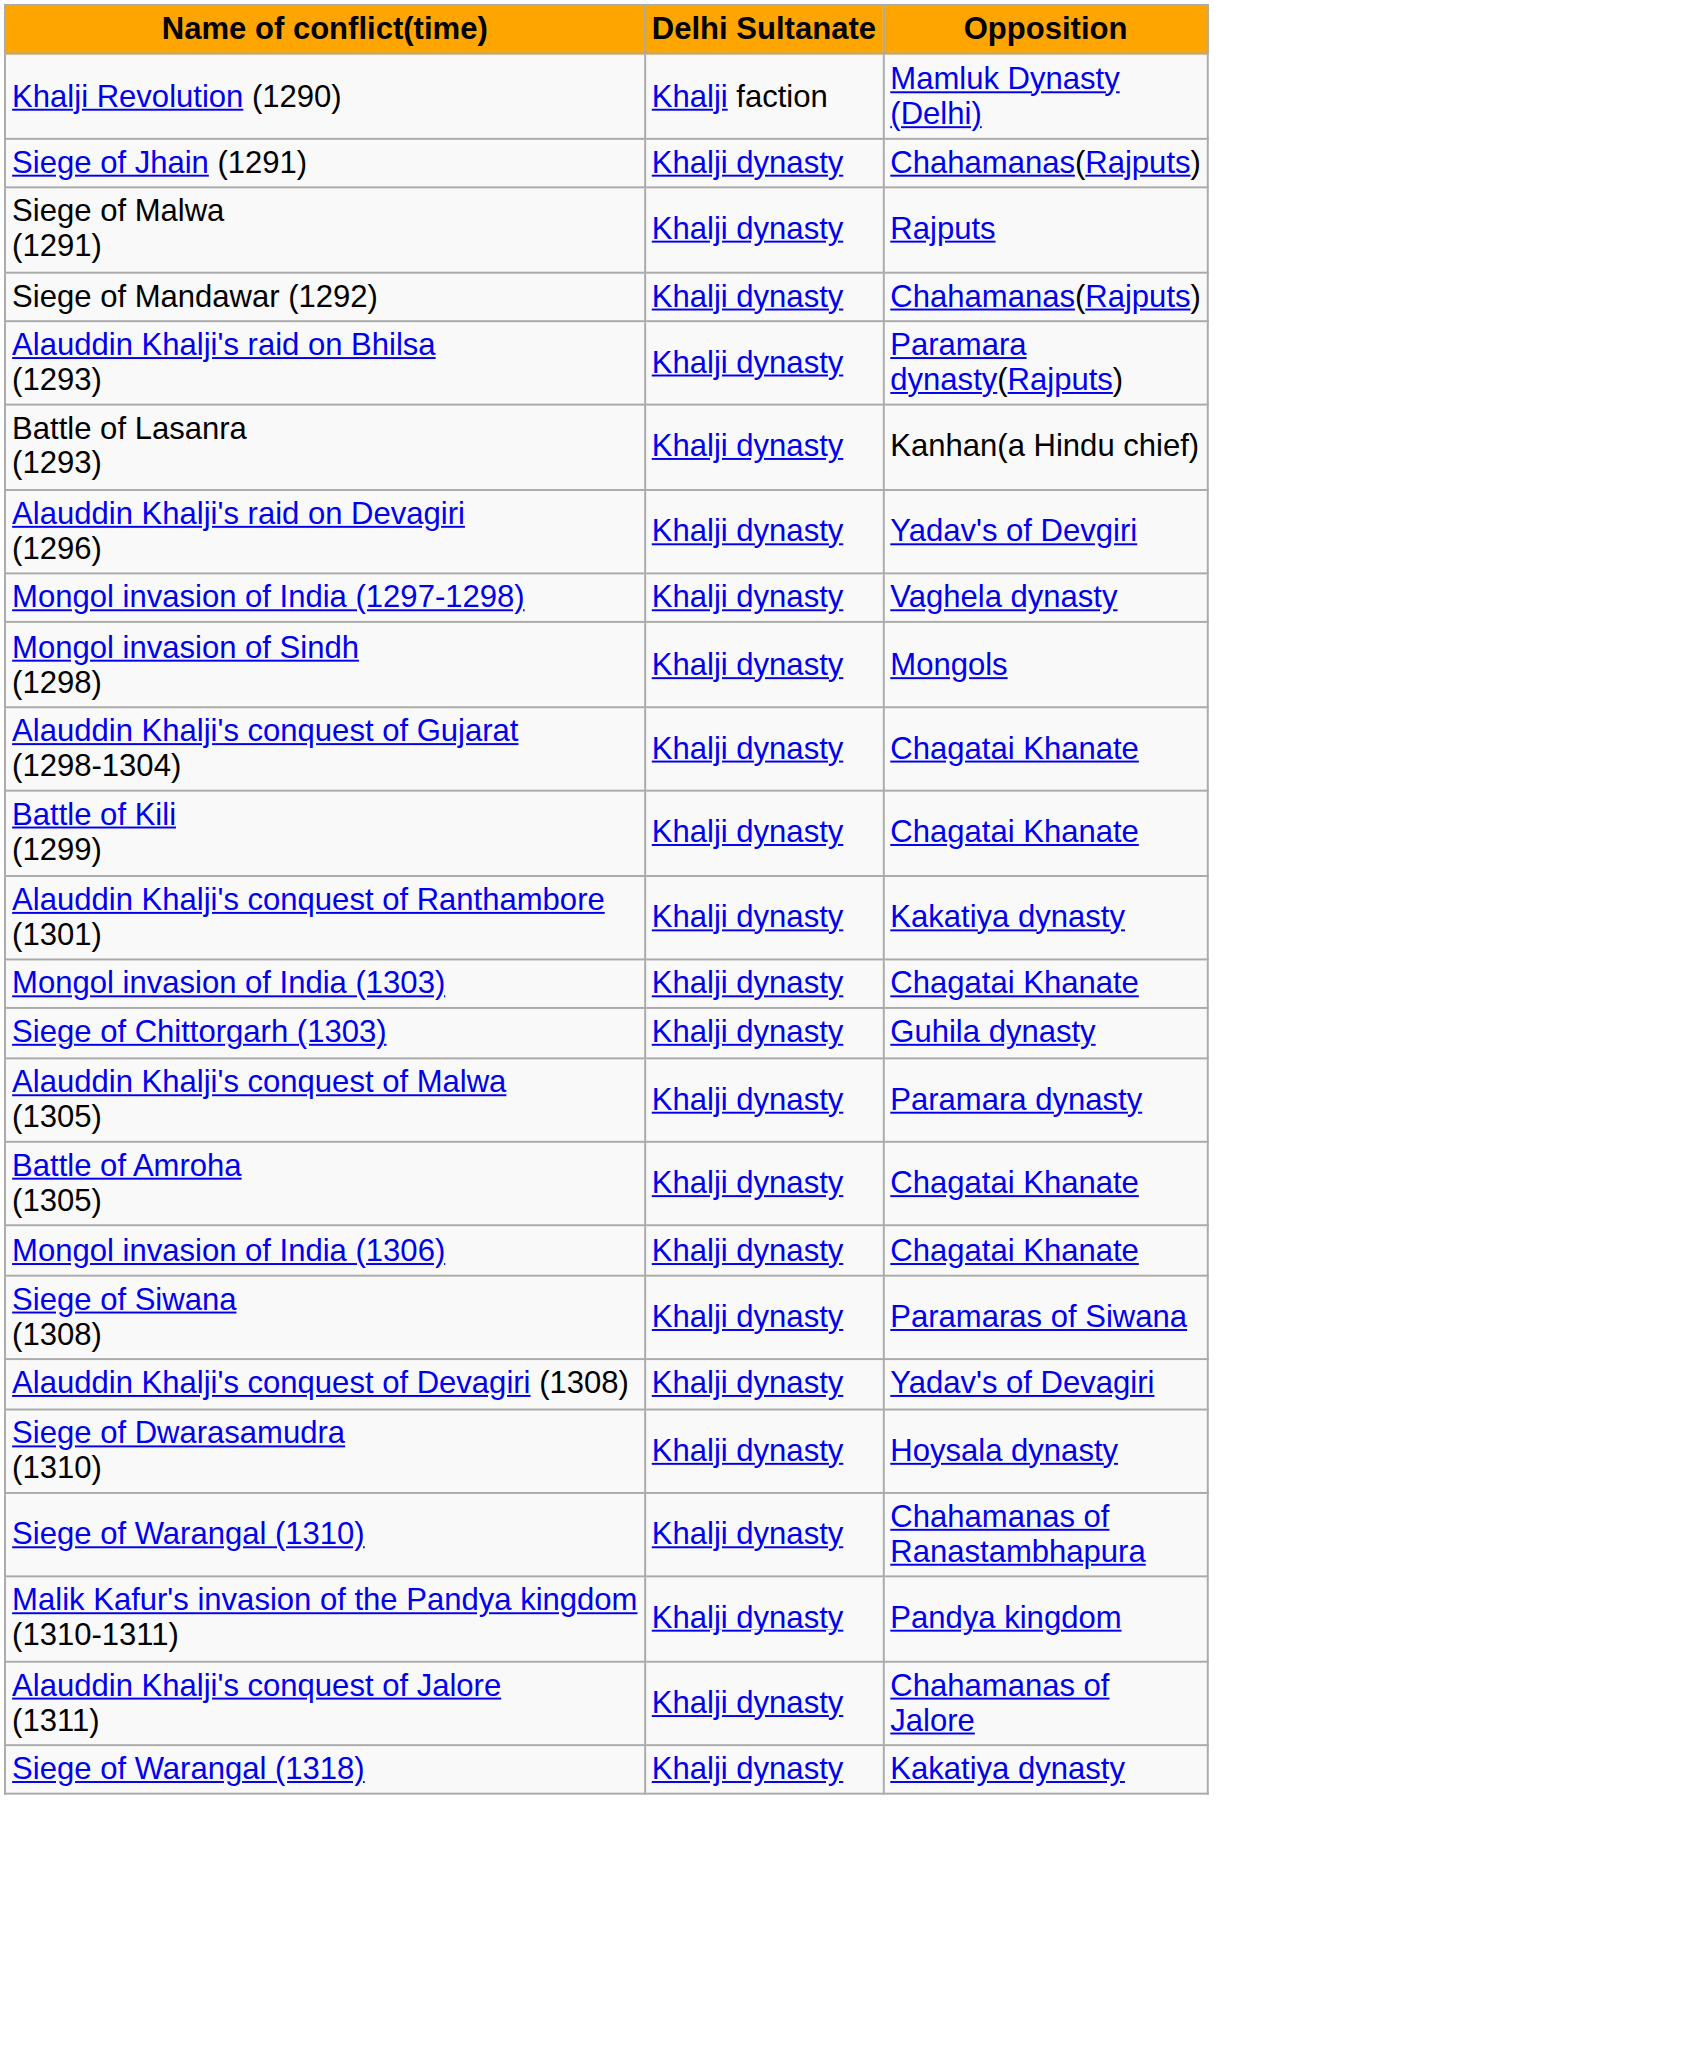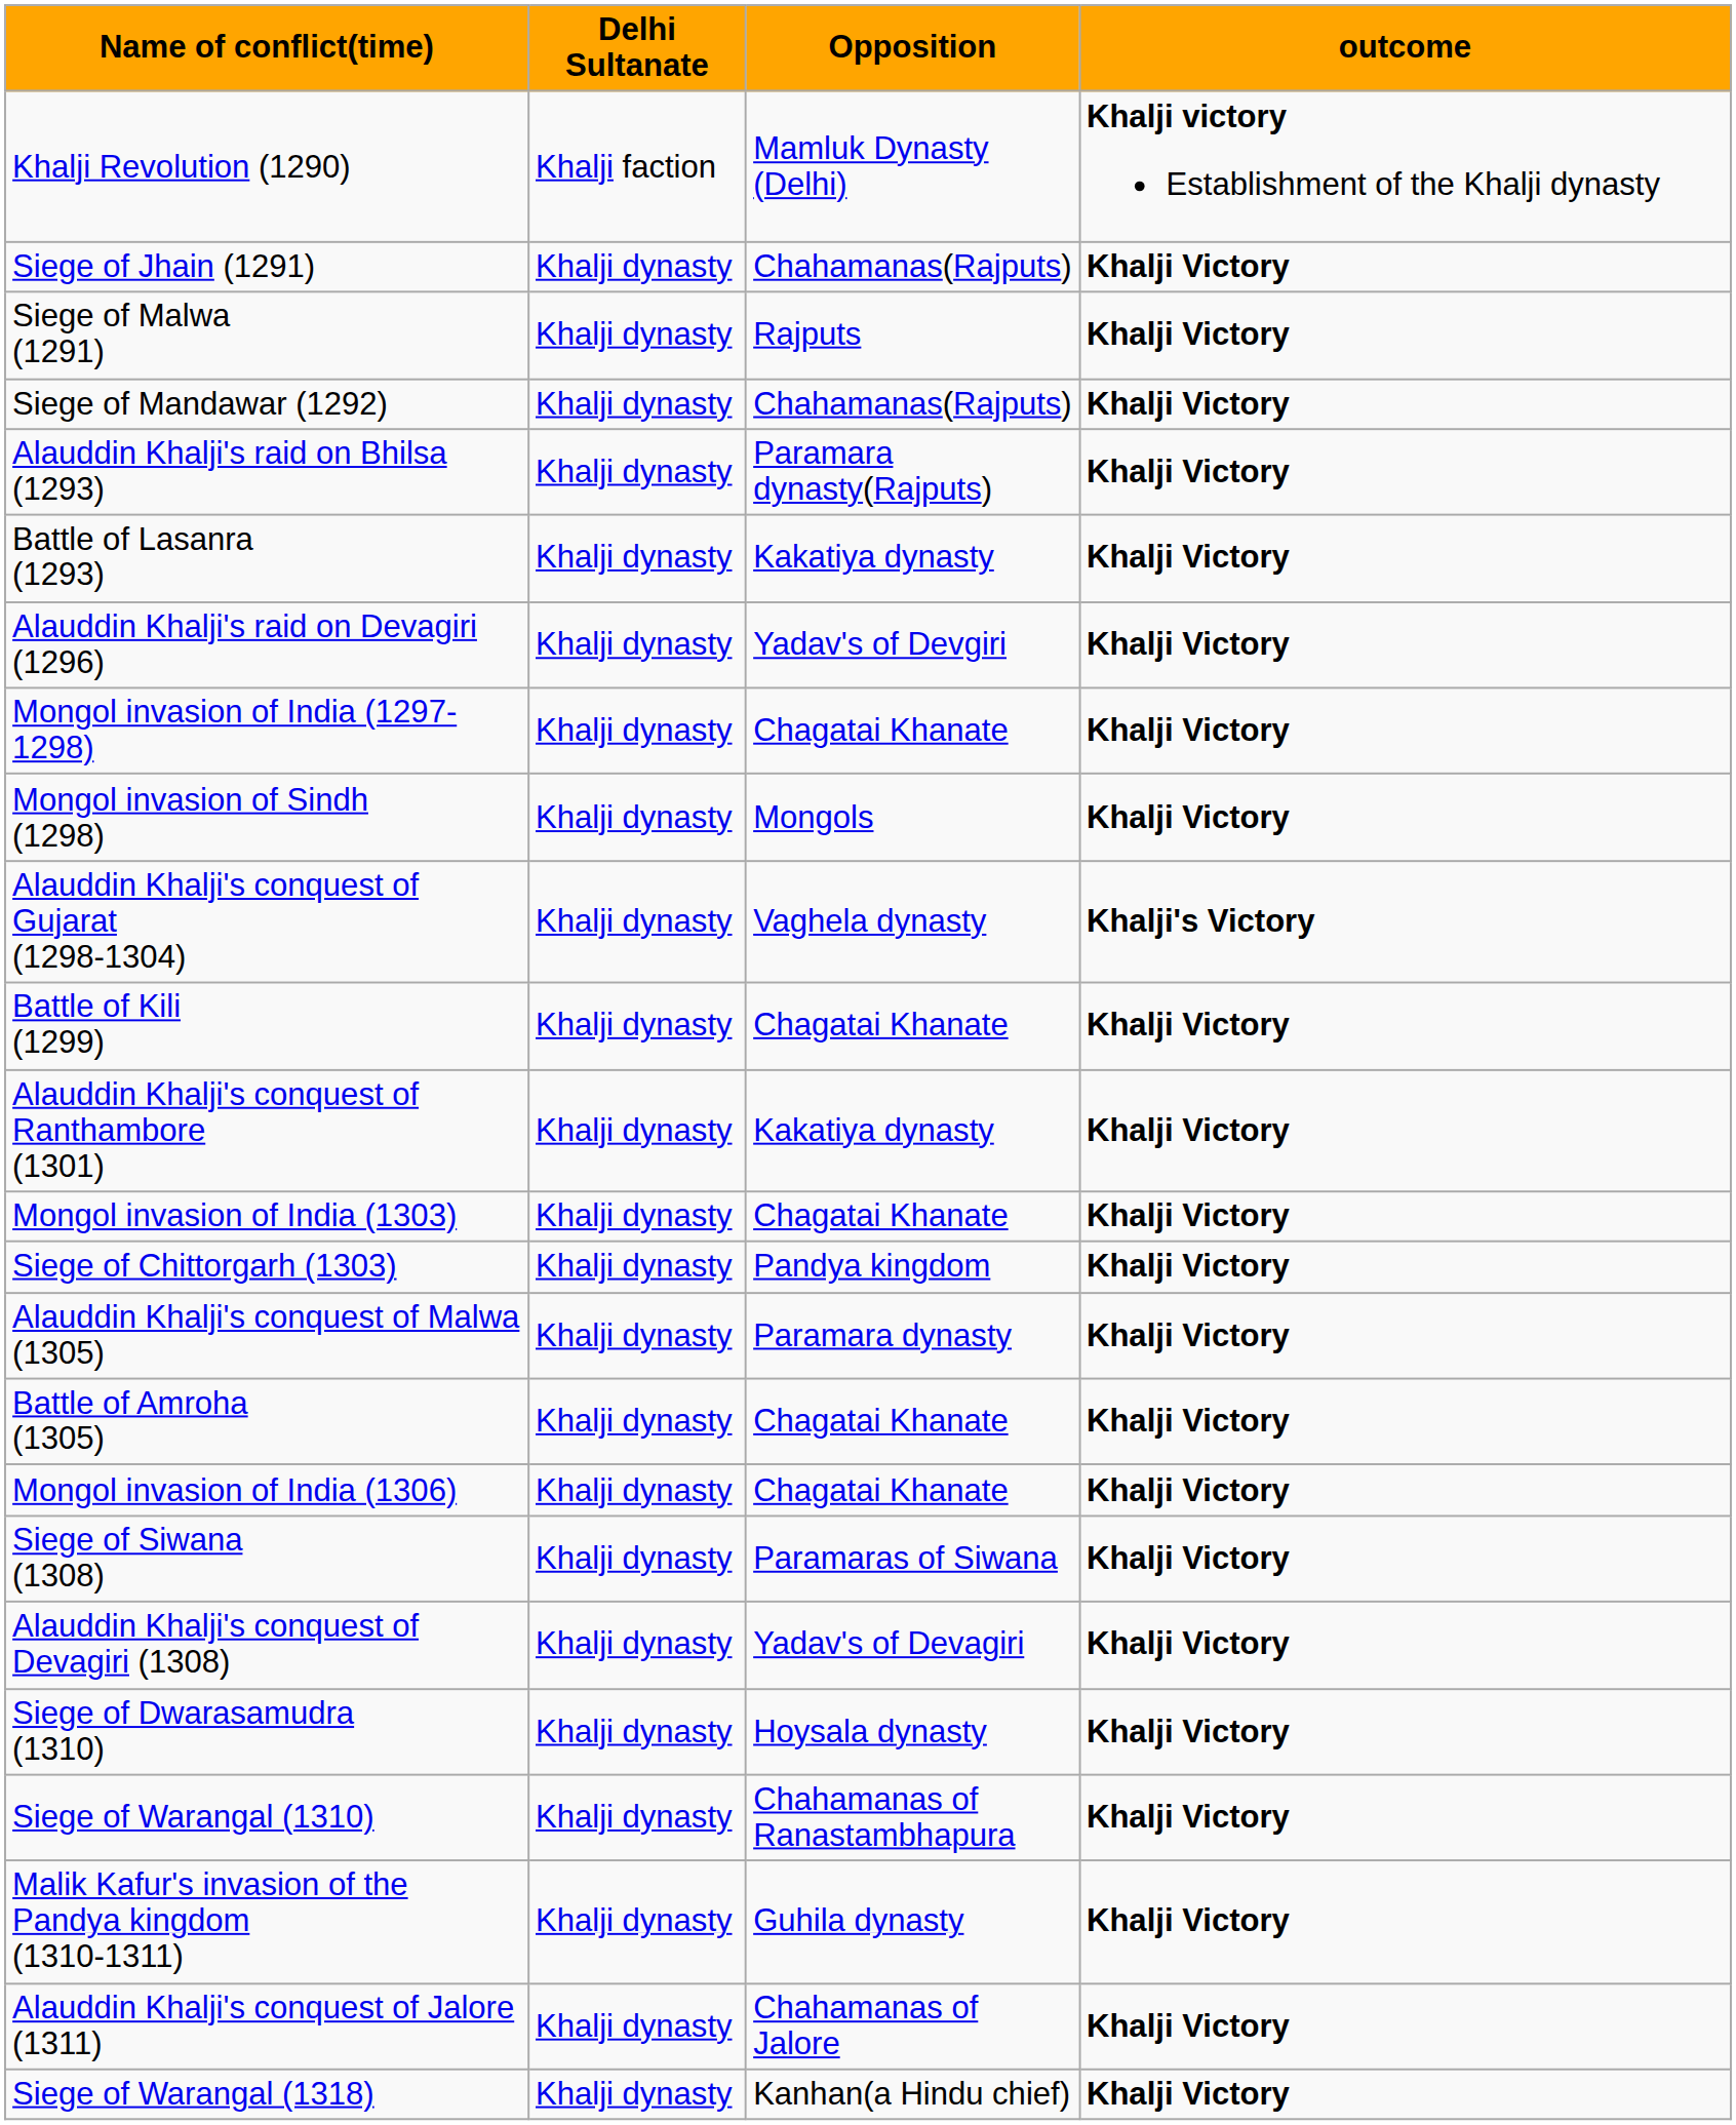 <table class="wikitable">
 <tr>
 <th style=" background:orange;"><span>Name of conflict(time)</span></th>
 <th style="background:orange;widh:150px;"><span>Delhi Sultanate</span></th>
 <th style="background:orange;width:150px;"><span> Opposition</span></th>
+<th style="background:orange;width:320px;"><span> outcome</span></th>
 </tr>
 <tr>
 <td><a href='#'>Khalji Revolution</a> (1290)</td>
 <td><a href='#'>Khalji</a> faction</td>
 <td><a href='#'>Mamluk Dynasty (Delhi)</a></td>
+<td><strong>Khalji victory</strong><br><ul><li>Establishment of the Khalji dynasty</li></ul></td>
 </tr>
 <tr>
 <td><a href='#'>Siege of Jhain</a> (1291)</td>
 <td><a href='#'>Khalji dynasty</a></td>
 <td><a href='#'>Chahamanas</a>(<a href='#'>Rajputs</a>)</td>
+<td><strong>Khalji Victory</strong></td>
 </tr>
 <tr>
 <td>Siege of Malwa<br>(1291)</td>
 <td><a href='#'>Khalji dynasty</a></td>
 <td><a href='#'>Rajputs</a></td>
+<td><strong>Khalji Victory</strong></td>
 </tr>
 <tr>
 <td>Siege of Mandawar (1292)</td>
 <td><a href='#'>Khalji dynasty</a></td>
 <td><a href='#'>Chahamanas</a>(<a href='#'>Rajputs</a>)</td>
+<td><strong>Khalji Victory</strong></td>
 </tr>
 <tr>
 <td><a href='#'>Alauddin Khalji's raid on Bhilsa</a><br>(1293)</td>
 <td><a href='#'>Khalji dynasty</a></td>
 <td><a href='#'>Paramara dynasty</a>(<a href='#'>Rajputs</a>)</td>
+<td><strong>Khalji Victory</strong></td>
 </tr>
 <tr>
 <td>Battle of Lasanra<br>(1293)</td>
 <td><a href='#'>Khalji dynasty</a></td>
-<td>Kanhan(a Hindu chief)</td>
+<td><a href='#'>Kakatiya dynasty</a></td>
+<td><strong>Khalji Victory</strong></td>
 </tr>
 <tr>
 <td><a href='#'>Alauddin Khalji's raid on Devagiri</a><br>(1296)</td>
 <td><a href='#'>Khalji dynasty</a></td>
 <td><a href='#'>Yadav's of Devgiri</a></td>
+<td><strong>Khalji Victory</strong></td>
 </tr>
 <tr>
 <td><a href='#'>Mongol invasion of India (1297-1298)</a></td>
 <td><a href='#'>Khalji dynasty</a></td>
-<td><a href='#'>Vaghela dynasty</a></td>
+<td><a href='#'>Chagatai Khanate</a></td>
+<td><strong>Khalji Victory</strong></td>
 </tr>
 <tr>
 <td><a href='#'>Mongol invasion of Sindh</a><br>(1298)</td>
 <td><a href='#'>Khalji dynasty</a></td>
 <td><a href='#'>Mongols</a></td>
+<td><strong>Khalji Victory</strong></td>
 </tr>
 <tr>
 <td><a href='#'>Alauddin Khalji's conquest of Gujarat</a><br>(1298-1304)</td>
 <td><a href='#'>Khalji dynasty</a></td>
-<td><a href='#'>Chagatai Khanate</a></td>
+<td><a href='#'>Vaghela dynasty</a></td>
+<td><strong>Khalji's Victory</strong></td>
 </tr>
 <tr>
 <td><a href='#'>Battle of Kili</a><br>(1299)</td>
 <td><a href='#'>Khalji dynasty</a></td>
 <td><a href='#'>Chagatai Khanate</a></td>
+<td><strong>Khalji Victory</strong></td>
 </tr>
 <tr>
 <td><a href='#'>Alauddin Khalji's conquest of Ranthambore</a><br>(1301)</td>
 <td><a href='#'>Khalji dynasty</a></td>
 <td><a href='#'>Kakatiya dynasty</a></td>
+<td><strong>Khalji Victory</strong></td>
 </tr>
 <tr>
 <td><a href='#'>Mongol invasion of India (1303)</a></td>
 <td><a href='#'>Khalji dynasty</a></td>
 <td><a href='#'>Chagatai Khanate</a></td>
+<td><strong>Khalji Victory</strong></td>
 </tr>
 <tr>
 <td><a href='#'>Siege of Chittorgarh (1303)</a></td>
 <td><a href='#'>Khalji dynasty</a></td>
-<td><a href='#'>Guhila dynasty</a></td>
+<td><a href='#'>Pandya kingdom</a></td>
+<td><strong>Khalji Victory</strong></td>
 </tr>
 <tr>
 <td><a href='#'>Alauddin Khalji's conquest of Malwa</a><br>(1305)</td>
 <td><a href='#'>Khalji dynasty</a></td>
 <td><a href='#'>Paramara dynasty</a></td>
+<td><strong>Khalji Victory</strong></td>
 </tr>
 <tr>
 <td><a href='#'>Battle of Amroha</a><br>(1305)</td>
 <td><a href='#'>Khalji dynasty</a></td>
 <td><a href='#'>Chagatai Khanate</a></td>
+<td><strong>Khalji Victory</strong></td>
 </tr>
 <tr>
 <td><a href='#'>Mongol invasion of India (1306)</a></td>
 <td><a href='#'>Khalji dynasty</a></td>
 <td><a href='#'>Chagatai Khanate</a></td>
+<td><strong>Khalji Victory</strong></td>
 </tr>
 <tr>
 <td><a href='#'>Siege of Siwana</a><br>(1308)</td>
 <td><a href='#'>Khalji dynasty</a></td>
 <td><a href='#'>Paramaras of Siwana</a></td>
+<td><strong>Khalji Victory</strong></td>
 </tr>
 <tr>
 <td><a href='#'>Alauddin Khalji's conquest of Devagiri</a> (1308)</td>
 <td><a href='#'>Khalji dynasty</a></td>
 <td><a href='#'>Yadav's of Devagiri</a></td>
+<td><strong>Khalji Victory</strong></td>
 </tr>
 <tr>
 <td><a href='#'>Siege of Dwarasamudra</a><br>(1310)</td>
 <td><a href='#'>Khalji dynasty</a></td>
 <td><a href='#'>Hoysala dynasty</a></td>
+<td><strong>Khalji Victory</strong></td>
 </tr>
 <tr>
 <td><a href='#'>Siege of Warangal (1310)</a></td>
 <td><a href='#'>Khalji dynasty</a></td>
 <td><a href='#'>Chahamanas of Ranastambhapura</a></td>
+<td><strong>Khalji Victory</strong></td>
 </tr>
 <tr>
 <td><a href='#'>Malik Kafur's invasion of the Pandya kingdom</a><br>(1310-1311)</td>
 <td><a href='#'>Khalji dynasty</a></td>
-<td><a href='#'>Pandya kingdom</a></td>
+<td><a href='#'>Guhila dynasty</a></td>
+<td><strong>Khalji Victory</strong></td>
 </tr>
 <tr>
 <td><a href='#'>Alauddin Khalji's conquest of Jalore</a><br>(1311)</td>
 <td><a href='#'>Khalji dynasty</a></td>
 <td><a href='#'>Chahamanas of Jalore</a></td>
+<td><strong>Khalji Victory</strong></td>
 </tr>
 <tr>
 <td><a href='#'>Siege of Warangal (1318)</a></td>
 <td><a href='#'>Khalji dynasty</a></td>
-<td><a href='#'>Kakatiya dynasty</a></td>
+<td>Kanhan(a Hindu chief)</td>
+<td><strong>Khalji Victory</strong></td>
 </tr>
 </table>
